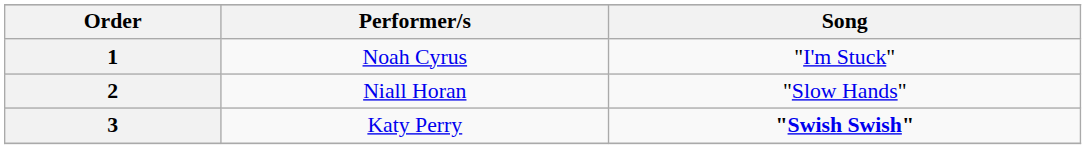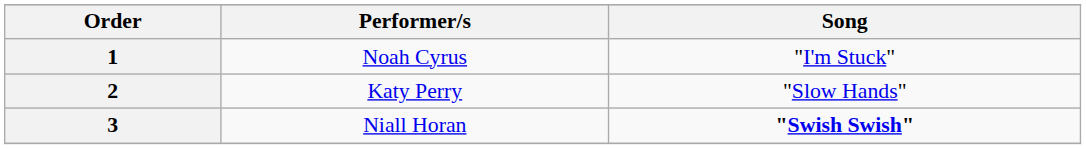 <table class="wikitable" style="text-align:center; width:50%;">
 <tr>
 </tr>
 <tr>
 <th>Order</th>
 <th>Performer/s</th>
 <th>Song</th>
 </tr>
 <tr>
 <th>1</th>
 <td><a href='#'>Noah Cyrus</a></td>
 <td>"<a href='#'>I'm Stuck</a>"</td>
 </tr>
 <tr>
 <th>2</th>
-<td><a href='#'>Niall Horan</a></td>
+<td><a href='#'>Katy Perry</a></td>
 <td>"<a href='#'>Slow Hands</a>"</td>
 </tr>
 <tr>
 <th>3</th>
-<td><a href='#'>Katy Perry</a></td>
+<td><a href='#'>Niall Horan</a></td>
 <td><strong>"<a href='#'>Swish Swish</a>"</strong></td>
 </tr>
 <tr>
 </tr>
 </table>
